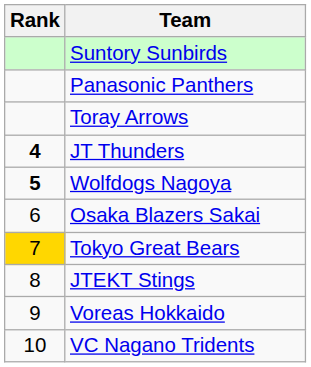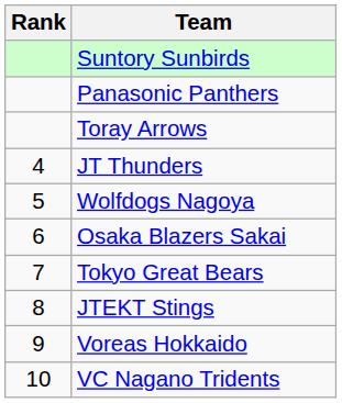 <table class="wikitable" style="text-align: center;">
 <tr>
 <th width=40>Rank</th>
 <th width=180>Team</th>
 </tr>
 <tr bgcolor=#CCFFCC>
 <td></td>
 <td style="text-align:left;"><a href='#'>Suntory Sunbirds</a></td>
 </tr>
 <tr>
 <td></td>
 <td style="text-align:left;"><a href='#'>Panasonic Panthers</a></td>
 </tr>
 <tr>
 <td></td>
 <td style="text-align:left;"><a href='#'>Toray Arrows</a></td>
 </tr>
 <tr align=center>
-<td><strong>4</strong></td>
+<td>4</td>
 <td style="text-align:left;"><a href='#'>JT Thunders</a></td>
 </tr>
 <tr align=center>
-<td><strong>5</strong></td>
+<td>5</td>
 <td style="text-align:left;"><a href='#'>Wolfdogs Nagoya</a></td>
 </tr>
 <tr align=center>
 <td>6</td>
 <td style="text-align:left;"><a href='#'>Osaka Blazers Sakai</a></td>
 </tr>
 <tr align=center>
-<td style="background: gold;">7</td>
+<td>7</td>
 <td style="text-align:left;"><a href='#'>Tokyo Great Bears</a></td>
 </tr>
 <tr align=center>
 <td>8</td>
 <td style="text-align:left;"><a href='#'>JTEKT Stings</a></td>
 </tr>
 <tr align=center>
 <td>9</td>
 <td style="text-align:left;"><a href='#'>Voreas Hokkaido</a></td>
 </tr>
 <tr align=center>
 <td>10</td>
 <td style="text-align:left;"><a href='#'>VC Nagano Tridents</a></td>
 </tr>
 </table>
